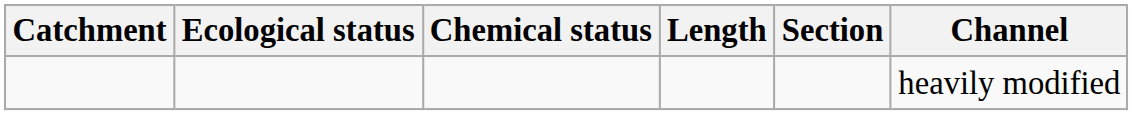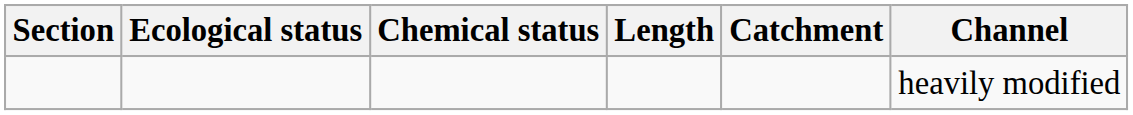 <table class="wikitable">
 <tr>
-<th>Catchment</th>
+<th>Section</th>
 <th>Ecological status</th>
 <th>Chemical status</th>
 <th>Length</th>
-<th>Section</th>
+<th>Catchment</th>
 <th>Channel</th>
 </tr>
 <tr>
 <td></td>
 <td></td>
 <td></td>
 <td></td>
 <td></td>
 <td>heavily modified</td>
 </tr>
 </table>
